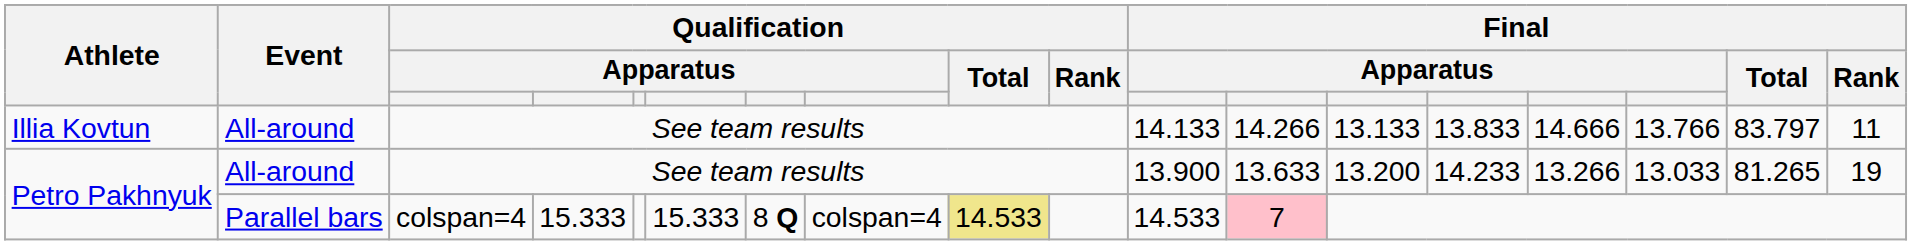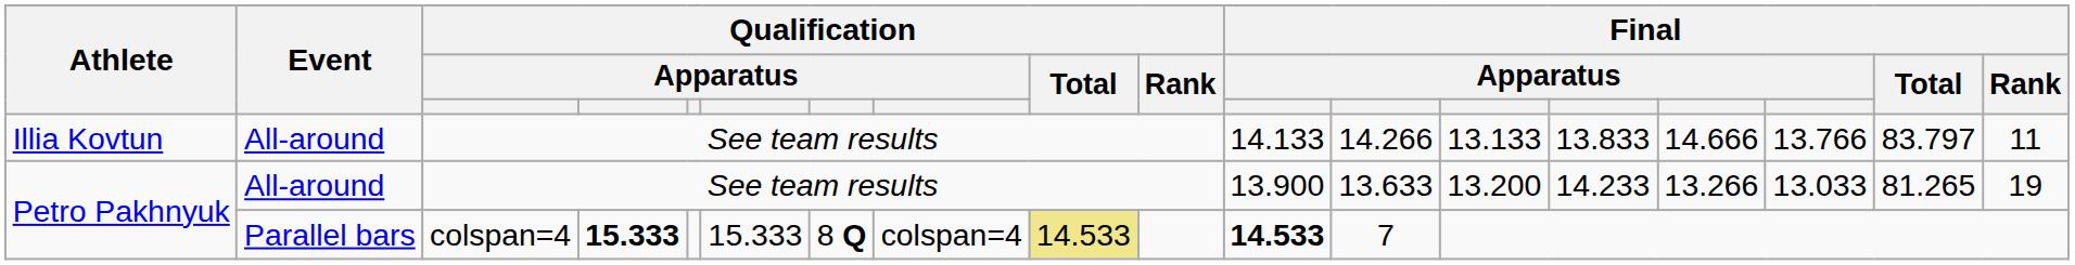 <table class="wikitable" style="font-size:90%">
 <tr>
 <th rowspan=3>Athlete</th>
 <th rowspan=3>Event</th>
 <th colspan =8>Qualification</th>
 <th colspan =8>Final</th>
 </tr>
 <tr style="font-size:95%">
 <th colspan=6>Apparatus</th>
 <th rowspan=2>Total</th>
 <th rowspan=2>Rank</th>
 <th colspan=6>Apparatus</th>
 <th rowspan=2>Total</th>
 <th rowspan=2>Rank</th>
 </tr>
 <tr style="font-size:95%">
 <th></th>
 <th></th>
 <th></th>
 <th></th>
 <th></th>
 <th></th>
 <th></th>
 <th></th>
 <th></th>
 <th></th>
 <th></th>
 <th></th>
 </tr>
 <tr align=center>
 <td align=left><a href='#'>Illia Kovtun</a></td>
 <td align=left><a href='#'>All-around</a></td>
 <td colspan=8><em>See team results</em></td>
 <td>14.133</td>
 <td>14.266</td>
 <td>13.133</td>
 <td>13.833</td>
 <td>14.666</td>
 <td>13.766</td>
 <td>83.797</td>
 <td>11</td>
 </tr>
 <tr align=center>
 <td align=left rowspan=2><a href='#'>Petro Pakhnyuk</a></td>
 <td align=left><a href='#'>All-around</a></td>
 <td colspan=8><em>See team results</em></td>
 <td>13.900</td>
 <td>13.633</td>
 <td>13.200</td>
 <td>14.233</td>
 <td>13.266</td>
 <td>13.033</td>
 <td>81.265</td>
 <td>19</td>
 </tr>
 <tr align=center>
 <td align=left><a href='#'>Parallel bars</a></td>
 <td>colspan=4 </td>
-<td>15.333</td>
+<td><strong>15.333</strong></td>
 <td></td>
 <td>15.333</td>
 <td>8 <strong>Q</strong></td>
 <td>colspan=4 </td>
 <td style="background: khaki;">14.533</td>
 <td></td>
-<td>14.533</td>
-<td style="background: pink;">7</td>
+<td><strong>14.533</strong></td>
+<td>7</td>
 </tr>
 </table>
